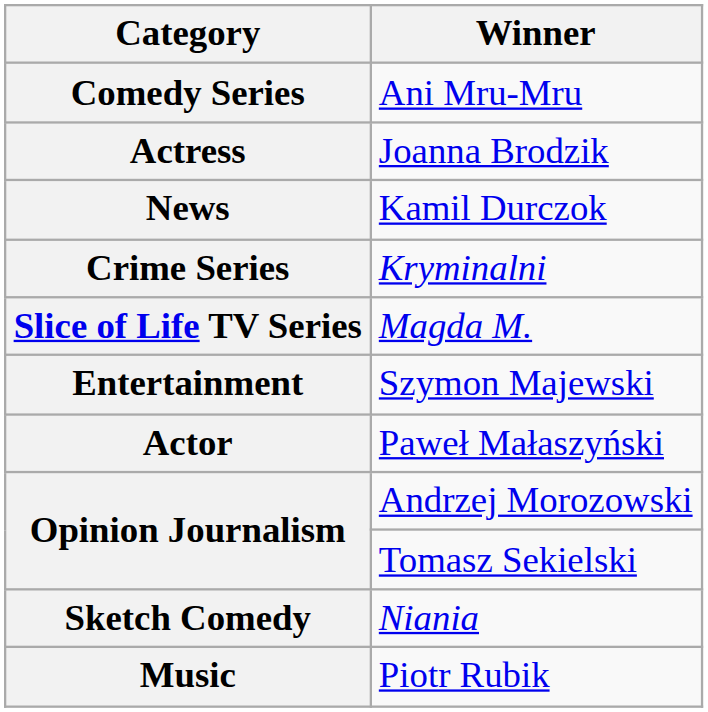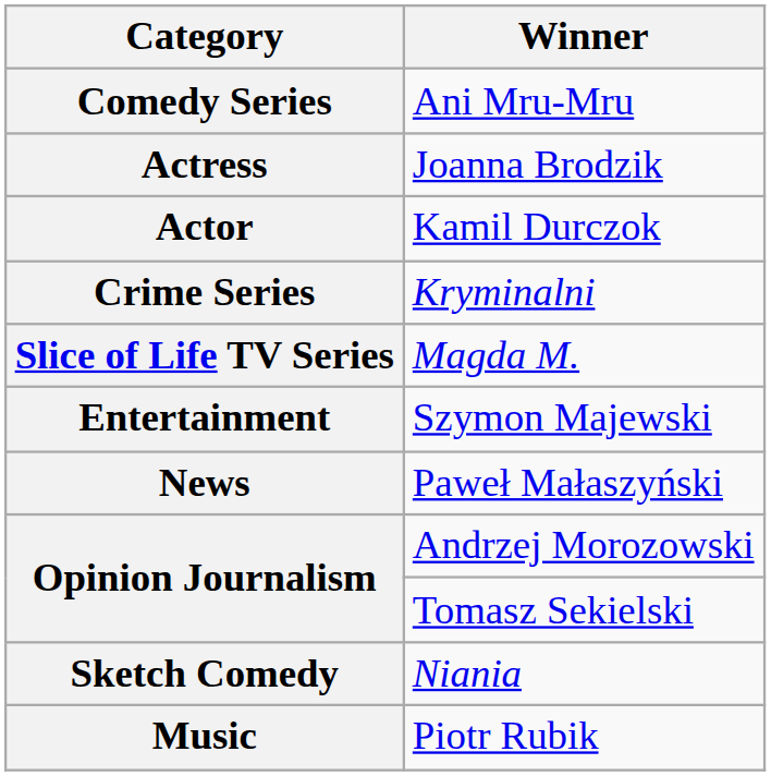 <table class="wikitable">
 <tr>
 <th>Category</th>
 <th>Winner</th>
 </tr>
 <tr>
 <th scope="row">Comedy Series</th>
 <td><a href='#'>Ani Mru-Mru</a></td>
 </tr>
 <tr>
 <th scope="row">Actress</th>
 <td><a href='#'>Joanna Brodzik</a></td>
 </tr>
 <tr>
-<th scope="row">News</th>
+<th scope="row">Actor</th>
 <td><a href='#'>Kamil Durczok</a></td>
 </tr>
 <tr>
 <th scope="row">Crime Series</th>
 <td><em><a href='#'>Kryminalni</a></em></td>
 </tr>
 <tr>
 <th scope="row"><a href='#'>Slice of Life</a> TV Series</th>
 <td><em><a href='#'>Magda M.</a></em></td>
 </tr>
 <tr>
 <th scope="row">Entertainment</th>
 <td><a href='#'>Szymon Majewski</a></td>
 </tr>
 <tr>
-<th scope="row">Actor</th>
+<th scope="row">News</th>
 <td><a href='#'>Paweł Małaszyński</a></td>
 </tr>
 <tr>
 <th scope="row" rowspan="2">Opinion Journalism</th>
 <td><a href='#'>Andrzej Morozowski</a></td>
 </tr>
 <tr>
 <td><a href='#'>Tomasz Sekielski</a></td>
 </tr>
 <tr>
 <th scope="row">Sketch Comedy</th>
 <td><em><a href='#'>Niania</a></em></td>
 </tr>
 <tr>
 <th scope="row">Music</th>
 <td><a href='#'>Piotr Rubik</a></td>
 </tr>
 </table>
